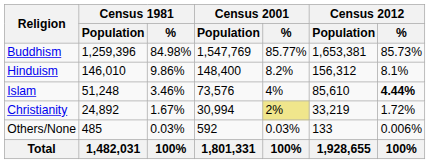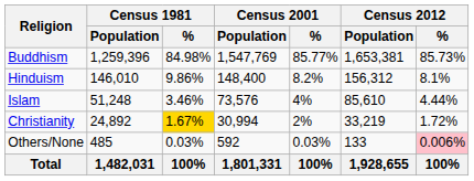 <table class="wikitable">
 <tr>
 <th rowspan="2">Religion</th>
 <th colspan="2">Census 1981</th>
 <th colspan="2">Census 2001</th>
 <th colspan="2">Census 2012</th>
 </tr>
 <tr>
 <th>Population</th>
 <th>%</th>
 <th>Population</th>
 <th>%</th>
 <th>Population</th>
 <th>%</th>
 </tr>
 <tr>
 <td><a href='#'>Buddhism</a></td>
 <td>1,259,396</td>
 <td>84.98%</td>
 <td>1,547,769</td>
 <td>85.77%</td>
 <td>1,653,381</td>
 <td>85.73%</td>
 </tr>
 <tr>
 <td><a href='#'>Hinduism</a></td>
 <td>146,010</td>
 <td>9.86%</td>
 <td>148,400</td>
 <td>8.2%</td>
 <td>156,312</td>
 <td>8.1%</td>
 </tr>
 <tr>
 <td><a href='#'>Islam</a></td>
 <td>51,248</td>
 <td>3.46%</td>
 <td>73,576</td>
 <td>4%</td>
 <td>85,610</td>
-<td><strong>4.44%</strong></td>
+<td>4.44%</td>
 </tr>
 <tr>
 <td><a href='#'>Christianity</a></td>
 <td>24,892</td>
-<td>1.67%</td>
+<td style="background: gold;">1.67%</td>
 <td>30,994</td>
-<td style="background: khaki;">2%</td>
+<td>2%</td>
 <td>33,219</td>
 <td>1.72%</td>
 </tr>
 <tr>
 <td>Others/None</td>
 <td>485</td>
 <td>0.03%</td>
 <td>592</td>
 <td>0.03%</td>
 <td>133</td>
-<td>0.006%</td>
+<td style="background: pink;">0.006%</td>
 </tr>
 <tr>
 <th>Total</th>
 <th>1,482,031</th>
 <th>100%</th>
 <th>1,801,331</th>
 <th>100%</th>
 <th>1,928,655</th>
 <th>100%</th>
 </tr>
 </table>
